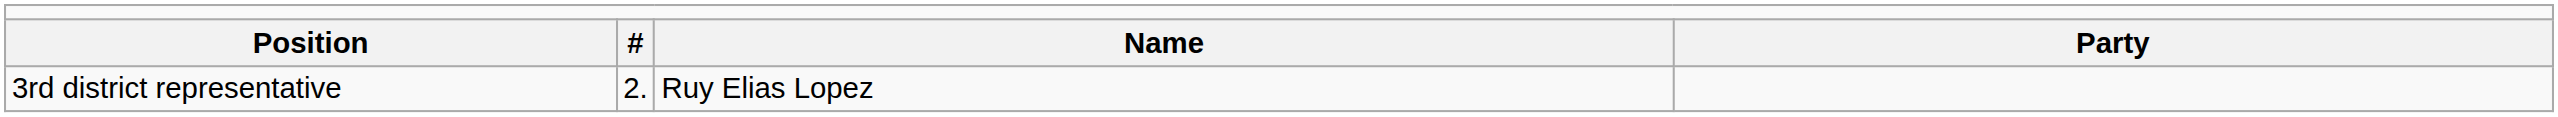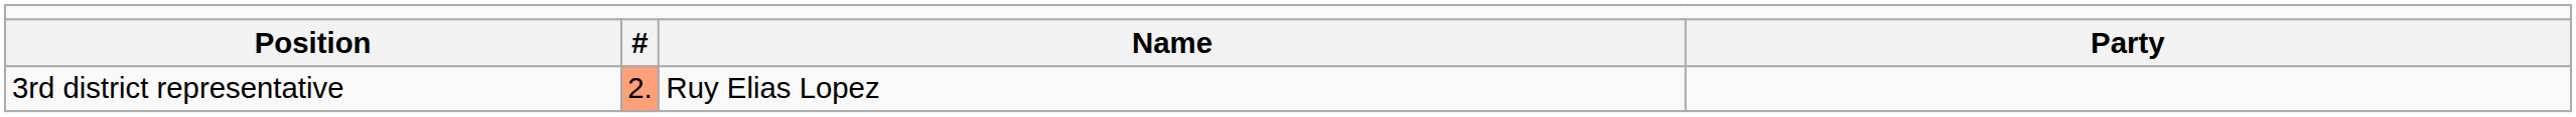 <table class=wikitable style="font-size:90%">
 <tr>
 <td colspan="5"></td>
 </tr>
 <tr>
 <th width=24%>Position</th>
 <th width=1%>#</th>
 <th width=40%>Name</th>
 <th colspan=2>Party</th>
 </tr>
 <tr>
 <td>3rd district representative</td>
-<td>2.</td>
+<td style="background: lightsalmon;">2.</td>
 <td>Ruy Elias Lopez</td>
 <td></td>
 </tr>
 </table>
